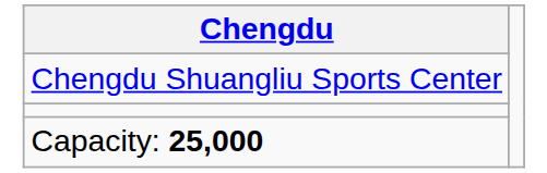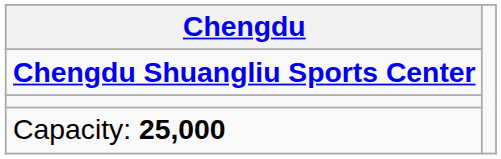 <table class="wikitable" style="margin-left: auto; margin-right: auto; border: none;">
 <tr>
 <th><a href='#'>Chengdu</a></th>
 <td rowspan="4"><br></td>
 </tr>
 <tr>
-<td><a href='#'>Chengdu Shuangliu Sports Center</a></td>
+<td><strong><a href='#'>Chengdu Shuangliu Sports Center</a></strong></td>
 </tr>
 <tr>
 <td><small></small></td>
 </tr>
 <tr>
 <td>Capacity: <strong>25,000</strong></td>
 </tr>
 </table>
